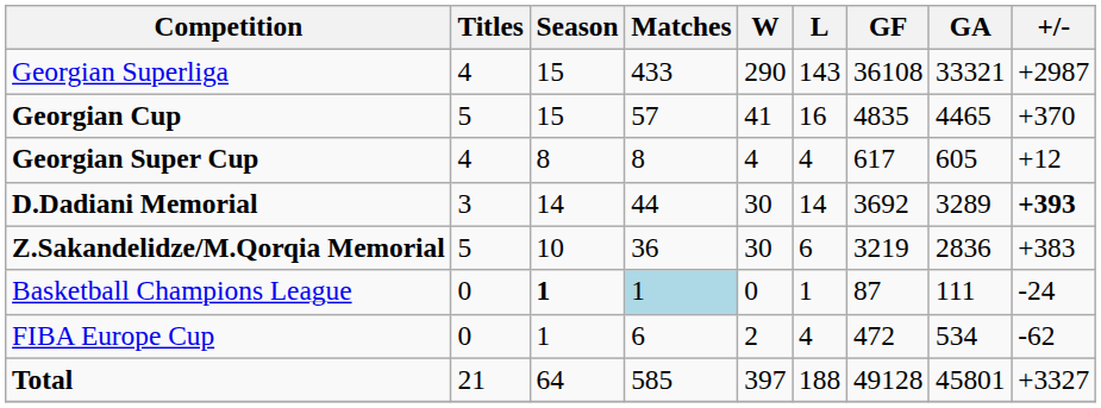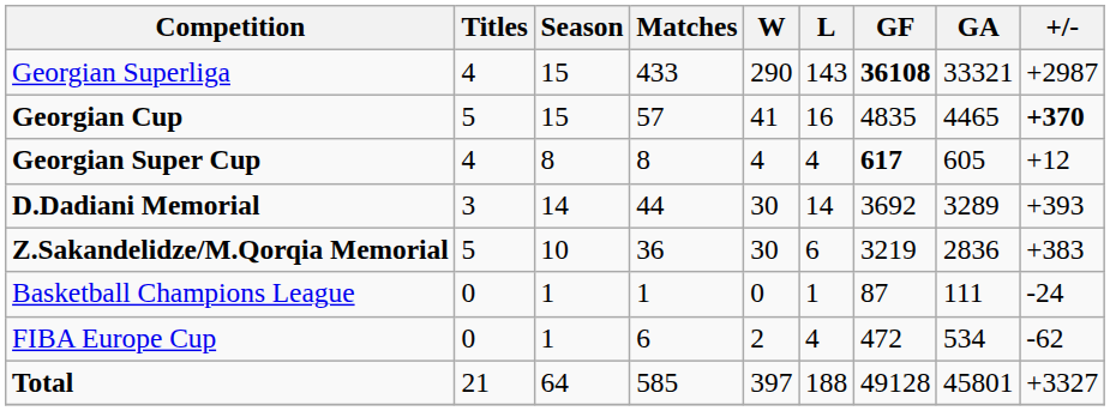 <table class="wikitable">
 <tr>
 <th>Competition</th>
 <th>Titles</th>
 <th>Season</th>
 <th>Matches</th>
 <th>W</th>
 <th>L</th>
 <th>GF</th>
 <th>GA</th>
 <th>+/-</th>
 </tr>
 <tr>
 <td><a href='#'>Georgian Superliga</a></td>
 <td>4</td>
 <td>15</td>
 <td>433</td>
 <td>290</td>
 <td>143</td>
-<td>36108</td>
+<td><strong>36108</strong></td>
 <td>33321</td>
 <td>+2987</td>
 </tr>
 <tr>
 <td><strong>Georgian Cup</strong></td>
 <td>5</td>
 <td>15</td>
 <td>57</td>
 <td>41</td>
 <td>16</td>
 <td>4835</td>
 <td>4465</td>
-<td>+370</td>
+<td><strong>+370</strong></td>
 </tr>
 <tr>
 <td><strong>Georgian Super Cup</strong></td>
 <td>4</td>
 <td>8</td>
 <td>8</td>
 <td>4</td>
 <td>4</td>
-<td>617</td>
+<td><strong>617</strong></td>
 <td>605</td>
 <td>+12</td>
 </tr>
 <tr>
 <td><strong>D.Dadiani Memorial</strong></td>
 <td>3</td>
 <td>14</td>
 <td>44</td>
 <td>30</td>
 <td>14</td>
 <td>3692</td>
 <td>3289</td>
-<td><strong>+393</strong></td>
+<td>+393</td>
 </tr>
 <tr>
 <td><strong>Z.Sakandelidze/M.Qorqia Memorial</strong></td>
 <td>5</td>
 <td>10</td>
 <td>36</td>
 <td>30</td>
 <td>6</td>
 <td>3219</td>
 <td>2836</td>
 <td>+383</td>
 </tr>
 <tr>
 <td><a href='#'>Basketball Champions League</a></td>
 <td>0</td>
-<td><strong>1</strong></td>
-<td style="background: lightblue;">1</td>
+<td>1</td>
+<td>1</td>
 <td>0</td>
 <td>1</td>
 <td>87</td>
 <td>111</td>
 <td>-24</td>
 </tr>
 <tr>
 <td><a href='#'>FIBA Europe Cup</a></td>
 <td>0</td>
 <td>1</td>
 <td>6</td>
 <td>2</td>
 <td>4</td>
 <td>472</td>
 <td>534</td>
 <td>-62</td>
 </tr>
 <tr>
 <td><strong>Total</strong></td>
 <td>21</td>
 <td>64</td>
 <td>585</td>
 <td>397</td>
 <td>188</td>
 <td>49128</td>
 <td>45801</td>
 <td>+3327</td>
 </tr>
 <tr>
 </tr>
 </table>
